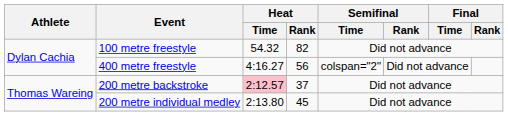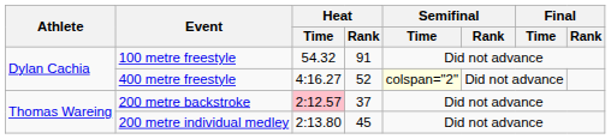 <table class="wikitable" style="text-align:center; font-size:90%; width:50%;">
 <tr>
 <th rowspan="2">Athlete</th>
 <th rowspan="2">Event</th>
 <th colspan="2">Heat</th>
 <th colspan="2">Semifinal</th>
 <th colspan="2">Final</th>
 </tr>
 <tr style="font-size:95%">
 <th>Time</th>
 <th>Rank</th>
 <th>Time</th>
 <th>Rank</th>
 <th>Time</th>
 <th>Rank</th>
 </tr>
 <tr>
 <td align=left rowspan=2><a href='#'>Dylan Cachia</a></td>
 <td align=left><a href='#'>100 metre freestyle</a></td>
 <td>54.32</td>
-<td>82</td>
+<td>91</td>
 <td colspan=4>Did not advance</td>
 </tr>
 <tr>
 <td align=left><a href='#'>400 metre freestyle</a></td>
 <td>4:16.27</td>
-<td>56</td>
-<td>colspan="2" </td>
+<td>52</td>
+<td style="background: lightyellow;">colspan="2" </td>
 <td colspan="2">Did not advance</td>
 </tr>
 <tr>
 <td align=left rowspan=2><a href='#'>Thomas Wareing</a></td>
 <td align=left><a href='#'>200 metre backstroke</a></td>
 <td style="background: pink;">2:12.57</td>
 <td>37</td>
 <td colspan=4>Did not advance</td>
 </tr>
 <tr>
 <td align=left><a href='#'>200 metre individual medley</a></td>
 <td>2:13.80</td>
 <td>45</td>
 <td colspan=4>Did not advance</td>
 </tr>
 </table>
